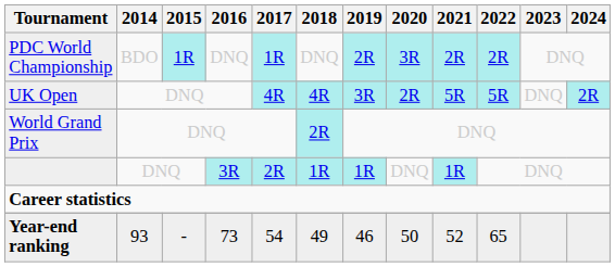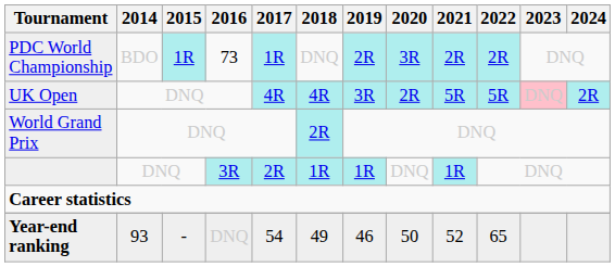 <table class="wikitable" style="width:20%; margin:0">
 <tr>
 <th>Tournament</th>
 <th>2014</th>
 <th>2015</th>
 <th>2016</th>
 <th>2017</th>
 <th>2018</th>
 <th>2019</th>
 <th>2020</th>
 <th>2021</th>
 <th>2022</th>
 <th>2023</th>
 <th>2024</th>
 </tr>
 <tr>
 <td style="background:#efefef;"><a href='#'>PDC World Championship</a></td>
 <td style="text-align:center; color:#ccc;">BDO</td>
 <td style="text-align:center; background:#afeeee;"><a href='#'>1R</a></td>
-<td style="text-align:center; color:#ccc;">DNQ</td>
+<td style="text-align:center;">73</td>
 <td style="text-align:center; background:#afeeee;"><a href='#'>1R</a></td>
 <td style="text-align:center; color:#ccc;">DNQ</td>
 <td style="text-align:center; background:#afeeee;"><a href='#'>2R</a></td>
 <td style="text-align:center; background:#afeeee;"><a href='#'>3R</a></td>
 <td style="text-align:center; background:#afeeee;"><a href='#'>2R</a></td>
 <td style="text-align:center; background:#afeeee;"><a href='#'>2R</a></td>
 <td colspan=2 style="text-align:center; color:#ccc;">DNQ</td>
 </tr>
 <tr>
 <td style="background:#efefef;"><a href='#'>UK Open</a></td>
 <td colspan="3" style="text-align:center; color:#ccc;">DNQ</td>
 <td style="text-align:center; background:#afeeee;"><a href='#'>4R</a></td>
 <td style="text-align:center; background:#afeeee;"><a href='#'>4R</a></td>
 <td style="text-align:center; background:#afeeee;"><a href='#'>3R</a></td>
 <td style="text-align:center; background:#afeeee;"><a href='#'>2R</a></td>
 <td style="text-align:center; background:#afeeee;"><a href='#'>5R</a></td>
 <td style="text-align:center; background:#afeeee;"><a href='#'>5R</a></td>
-<td style="text-align:center; color:#ccc;">DNQ</td>
+<td style="background: pink; text-align:center; color:#ccc;">DNQ</td>
 <td style="text-align:center; background:#afeeee;"><a href='#'>2R</a></td>
 </tr>
 <tr>
 <td style="background:#efefef;"><a href='#'>World Grand Prix</a></td>
 <td colspan="4" style="text-align:center; color:#ccc;">DNQ</td>
 <td style="text-align:center; background:#afeeee;"><a href='#'>2R</a></td>
 <td colspan="6" style="text-align:center; color:#ccc;">DNQ</td>
 </tr>
 <tr>
 <td style="background:#efefef;"></td>
 <td colspan="2" style="text-align:center; color:#ccc;">DNQ</td>
 <td style="text-align:center; background:#afeeee;"><a href='#'>3R</a></td>
 <td style="text-align:center; background:#afeeee;"><a href='#'>2R</a></td>
 <td style="text-align:center; background:#afeeee;"><a href='#'>1R</a></td>
 <td style="text-align:center; background:#afeeee;"><a href='#'>1R</a></td>
 <td style="text-align:center; color:#ccc;">DNQ</td>
 <td style="text-align:center; background:#afeeee;"><a href='#'>1R</a></td>
 <td colspan=3 style="text-align:center; color:#ccc;">DNQ</td>
 </tr>
 <tr>
 <td colspan="14" align="left"><strong>Career statistics</strong></td>
 </tr>
 <tr>
 </tr>
 <tr bgcolor="efefef">
 <td align="left"><strong>Year-end ranking</strong></td>
 <td style="text-align:center;">93</td>
 <td style="text-align:center;">-</td>
-<td style="text-align:center;">73</td>
+<td style="text-align:center; color:#ccc;">DNQ</td>
 <td style="text-align:center;">54</td>
 <td style="text-align:center;">49</td>
 <td style="text-align:center;">46</td>
 <td style="text-align:center;">50</td>
 <td style="text-align:center;">52</td>
 <td style="text-align:center;">65</td>
 <td></td>
 <td></td>
 </tr>
 </table>
